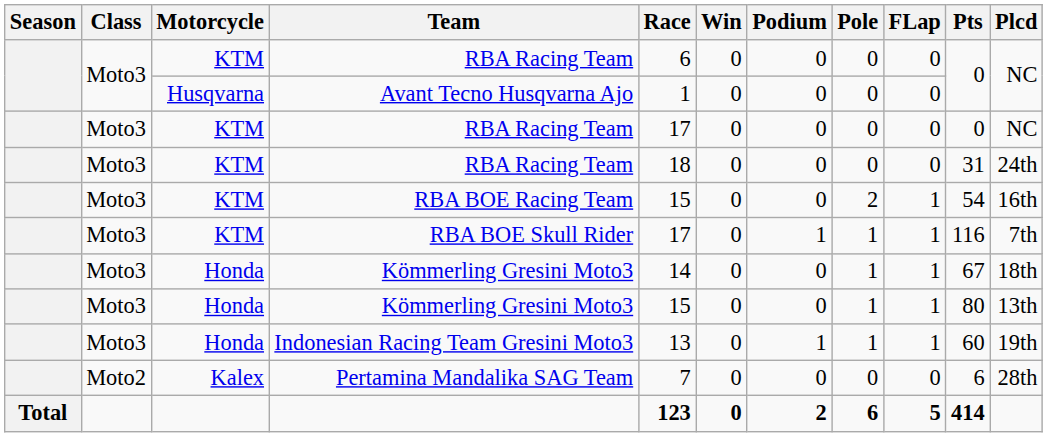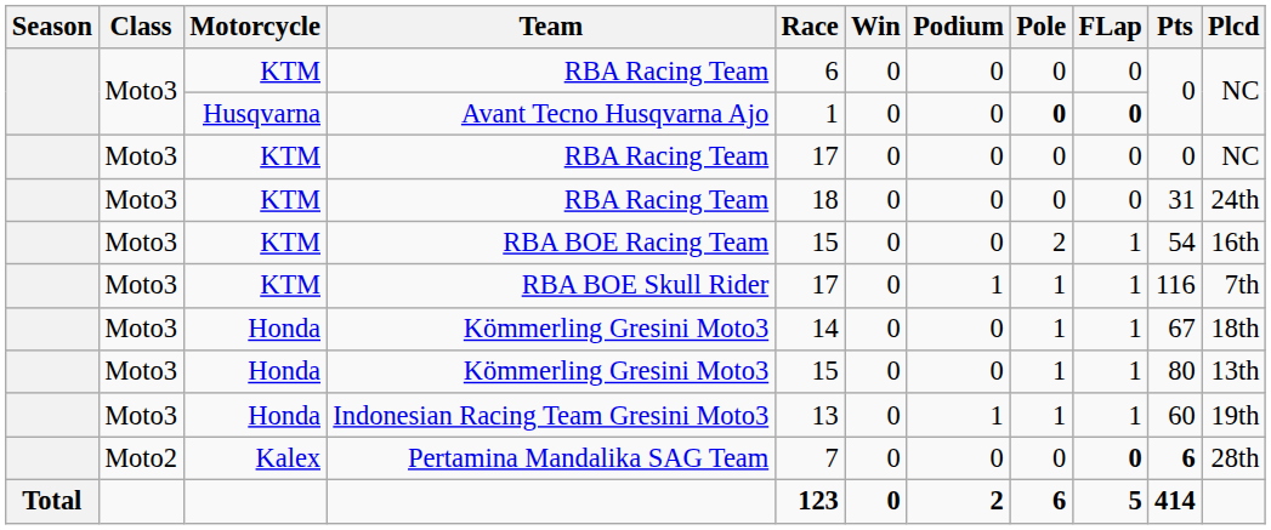 <table class="wikitable" style=text-align:right>
 <tr>
 <th>Season</th>
 <th>Class</th>
 <th>Motorcycle</th>
 <th>Team</th>
 <th>Race</th>
 <th>Win</th>
 <th>Podium</th>
 <th>Pole</th>
 <th>FLap</th>
 <th>Pts</th>
 <th>Plcd</th>
 </tr>
 <tr>
 <th rowspan=2></th>
 <td rowspan=2>Moto3</td>
 <td><a href='#'>KTM</a></td>
 <td><a href='#'>RBA Racing Team</a></td>
 <td>6</td>
 <td>0</td>
 <td>0</td>
 <td>0</td>
 <td>0</td>
 <td rowspan=2>0</td>
 <td rowspan=2>NC</td>
 </tr>
 <tr>
 <td><a href='#'>Husqvarna</a></td>
 <td><a href='#'>Avant Tecno Husqvarna Ajo</a></td>
 <td>1</td>
 <td>0</td>
 <td>0</td>
-<td>0</td>
-<td>0</td>
+<td><strong>0</strong></td>
+<td><strong>0</strong></td>
 </tr>
 <tr>
 <th></th>
 <td>Moto3</td>
 <td><a href='#'>KTM</a></td>
 <td><a href='#'>RBA Racing Team</a></td>
 <td>17</td>
 <td>0</td>
 <td>0</td>
 <td>0</td>
 <td>0</td>
 <td>0</td>
 <td>NC</td>
 </tr>
 <tr>
 <th></th>
 <td>Moto3</td>
 <td><a href='#'>KTM</a></td>
 <td><a href='#'>RBA Racing Team</a></td>
 <td>18</td>
 <td>0</td>
 <td>0</td>
 <td>0</td>
 <td>0</td>
 <td>31</td>
 <td>24th</td>
 </tr>
 <tr>
 <th></th>
 <td>Moto3</td>
 <td><a href='#'>KTM</a></td>
 <td><a href='#'>RBA BOE Racing Team</a></td>
 <td>15</td>
 <td>0</td>
 <td>0</td>
 <td>2</td>
 <td>1</td>
 <td>54</td>
 <td>16th</td>
 </tr>
 <tr>
 <th></th>
 <td>Moto3</td>
 <td><a href='#'>KTM</a></td>
 <td><a href='#'>RBA BOE Skull Rider</a></td>
 <td>17</td>
 <td>0</td>
 <td>1</td>
 <td>1</td>
 <td>1</td>
 <td>116</td>
 <td>7th</td>
 </tr>
 <tr>
 <th></th>
 <td>Moto3</td>
 <td><a href='#'>Honda</a></td>
 <td><a href='#'>Kömmerling Gresini Moto3</a></td>
 <td>14</td>
 <td>0</td>
 <td>0</td>
 <td>1</td>
 <td>1</td>
 <td>67</td>
 <td>18th</td>
 </tr>
 <tr>
 <th></th>
 <td>Moto3</td>
 <td><a href='#'>Honda</a></td>
 <td><a href='#'>Kömmerling Gresini Moto3</a></td>
 <td>15</td>
 <td>0</td>
 <td>0</td>
 <td>1</td>
 <td>1</td>
 <td>80</td>
 <td>13th</td>
 </tr>
 <tr>
 <th></th>
 <td>Moto3</td>
 <td><a href='#'>Honda</a></td>
 <td><a href='#'>Indonesian Racing Team Gresini Moto3</a></td>
 <td>13</td>
 <td>0</td>
 <td>1</td>
 <td>1</td>
 <td>1</td>
 <td>60</td>
 <td>19th</td>
 </tr>
 <tr>
 <th></th>
 <td>Moto2</td>
 <td><a href='#'>Kalex</a></td>
 <td><a href='#'>Pertamina Mandalika SAG Team</a></td>
 <td>7</td>
 <td>0</td>
 <td>0</td>
 <td>0</td>
-<td>0</td>
-<td>6</td>
+<td><strong>0</strong></td>
+<td><strong>6</strong></td>
 <td>28th</td>
 </tr>
 <tr>
 <th>Total</th>
 <td></td>
 <td></td>
 <td></td>
 <td><strong>123</strong></td>
 <td><strong>0</strong></td>
 <td><strong>2</strong></td>
 <td><strong>6</strong></td>
 <td><strong>5</strong></td>
 <td><strong>414</strong></td>
 <td></td>
 </tr>
 </table>
